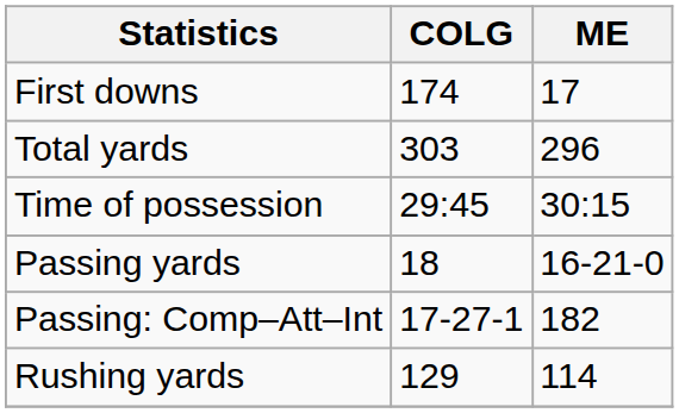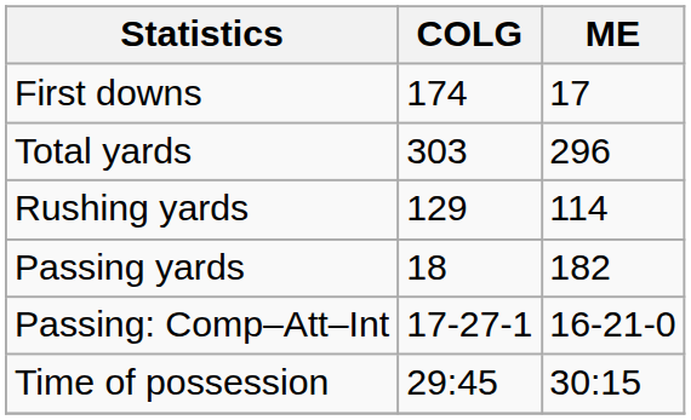 <table class="wikitable" style="float: left;">
 <tr>
 <th>Statistics</th>
 <th>COLG</th>
 <th>ME</th>
 </tr>
 <tr>
 <td>First downs</td>
 <td>174</td>
 <td>17</td>
 </tr>
 <tr>
 <td>Total yards</td>
 <td>303</td>
 <td>296</td>
 </tr>
 <tr>
+<td>Rushing yards</td>
+<td>129</td>
+<td>114</td>
+</tr>
+<tr>
+<td>Passing yards</td>
+<td>18</td>
+<td>182</td>
+</tr>
+<tr>
+<td>Passing: Comp–Att–Int</td>
+<td>17-27-1</td>
+<td>16-21-0</td>
+</tr>
+<tr>
 <td>Time of possession</td>
 <td>29:45</td>
 <td>30:15</td>
 </tr>
 <tr>
-<td>Passing yards</td>
-<td>18</td>
-<td>16-21-0</td>
-</tr>
-<tr>
-<td>Passing: Comp–Att–Int</td>
-<td>17-27-1</td>
-<td>182</td>
-</tr>
-<tr>
-<td>Rushing yards</td>
-<td>129</td>
-<td>114</td>
-</tr>
-<tr>
 </tr>
 </table>
